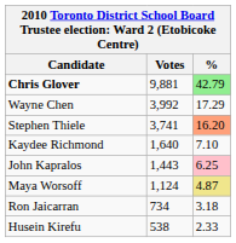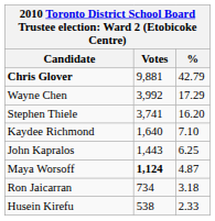 <table class="wikitable">
 <tr>
 <th colspan="3">2010 <a href='#'>Toronto District School Board</a> Trustee election: Ward 2 (Etobicoke Centre)</th>
 </tr>
 <tr>
 <th style="width: 170px">Candidate</th>
 <th style="width: 50px">Votes</th>
 <th style="width: 40px">%</th>
 </tr>
 <tr>
 <td><strong>Chris Glover</strong></td>
 <td>9,881</td>
-<td style="background: lightgreen;">42.79</td>
+<td>42.79</td>
 </tr>
 <tr>
 <td>Wayne Chen</td>
 <td>3,992</td>
 <td>17.29</td>
 </tr>
 <tr>
 <td>Stephen Thiele</td>
 <td>3,741</td>
-<td style="background: lightsalmon;">16.20</td>
+<td>16.20</td>
 </tr>
 <tr>
 <td>Kaydee Richmond</td>
 <td>1,640</td>
 <td>7.10</td>
 </tr>
 <tr>
 <td>John Kapralos</td>
 <td>1,443</td>
-<td style="background: pink;">6.25</td>
+<td>6.25</td>
 </tr>
 <tr>
 <td>Maya Worsoff</td>
-<td>1,124</td>
-<td style="background: khaki;">4.87</td>
+<td><strong>1,124</strong></td>
+<td>4.87</td>
 </tr>
 <tr>
 <td>Ron Jaicarran</td>
 <td>734</td>
 <td>3.18</td>
 </tr>
 <tr>
 <td>Husein Kirefu</td>
 <td>538</td>
 <td>2.33</td>
 </tr>
 </table>
